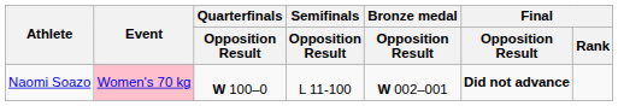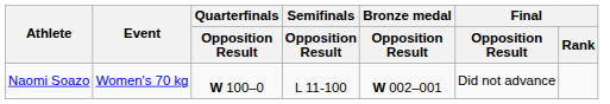 <table class=wikitable style="font-size:90%">
 <tr>
 <th rowspan="2">Athlete</th>
 <th rowspan="2">Event</th>
 <th>Quarterfinals</th>
 <th>Semifinals</th>
 <th>Bronze medal</th>
 <th colspan="2">Final</th>
 </tr>
 <tr>
 <th>Opposition<br>Result</th>
 <th>Opposition<br>Result</th>
 <th>Opposition<br>Result</th>
 <th>Opposition<br>Result</th>
 <th>Rank</th>
 </tr>
 <tr>
 <td><a href='#'>Naomi Soazo</a></td>
-<td style="background: pink;"><a href='#'>Women's 70 kg</a></td>
+<td><a href='#'>Women's 70 kg</a></td>
 <td align=center><br><strong>W</strong> 100–0</td>
 <td align=center><br>L 11-100</td>
 <td align=center><br><strong>W</strong> 002–001</td>
-<td align=center><strong>Did not advance</strong></td>
+<td align=center>Did not advance</td>
 <td align=center></td>
 </tr>
 </table>
